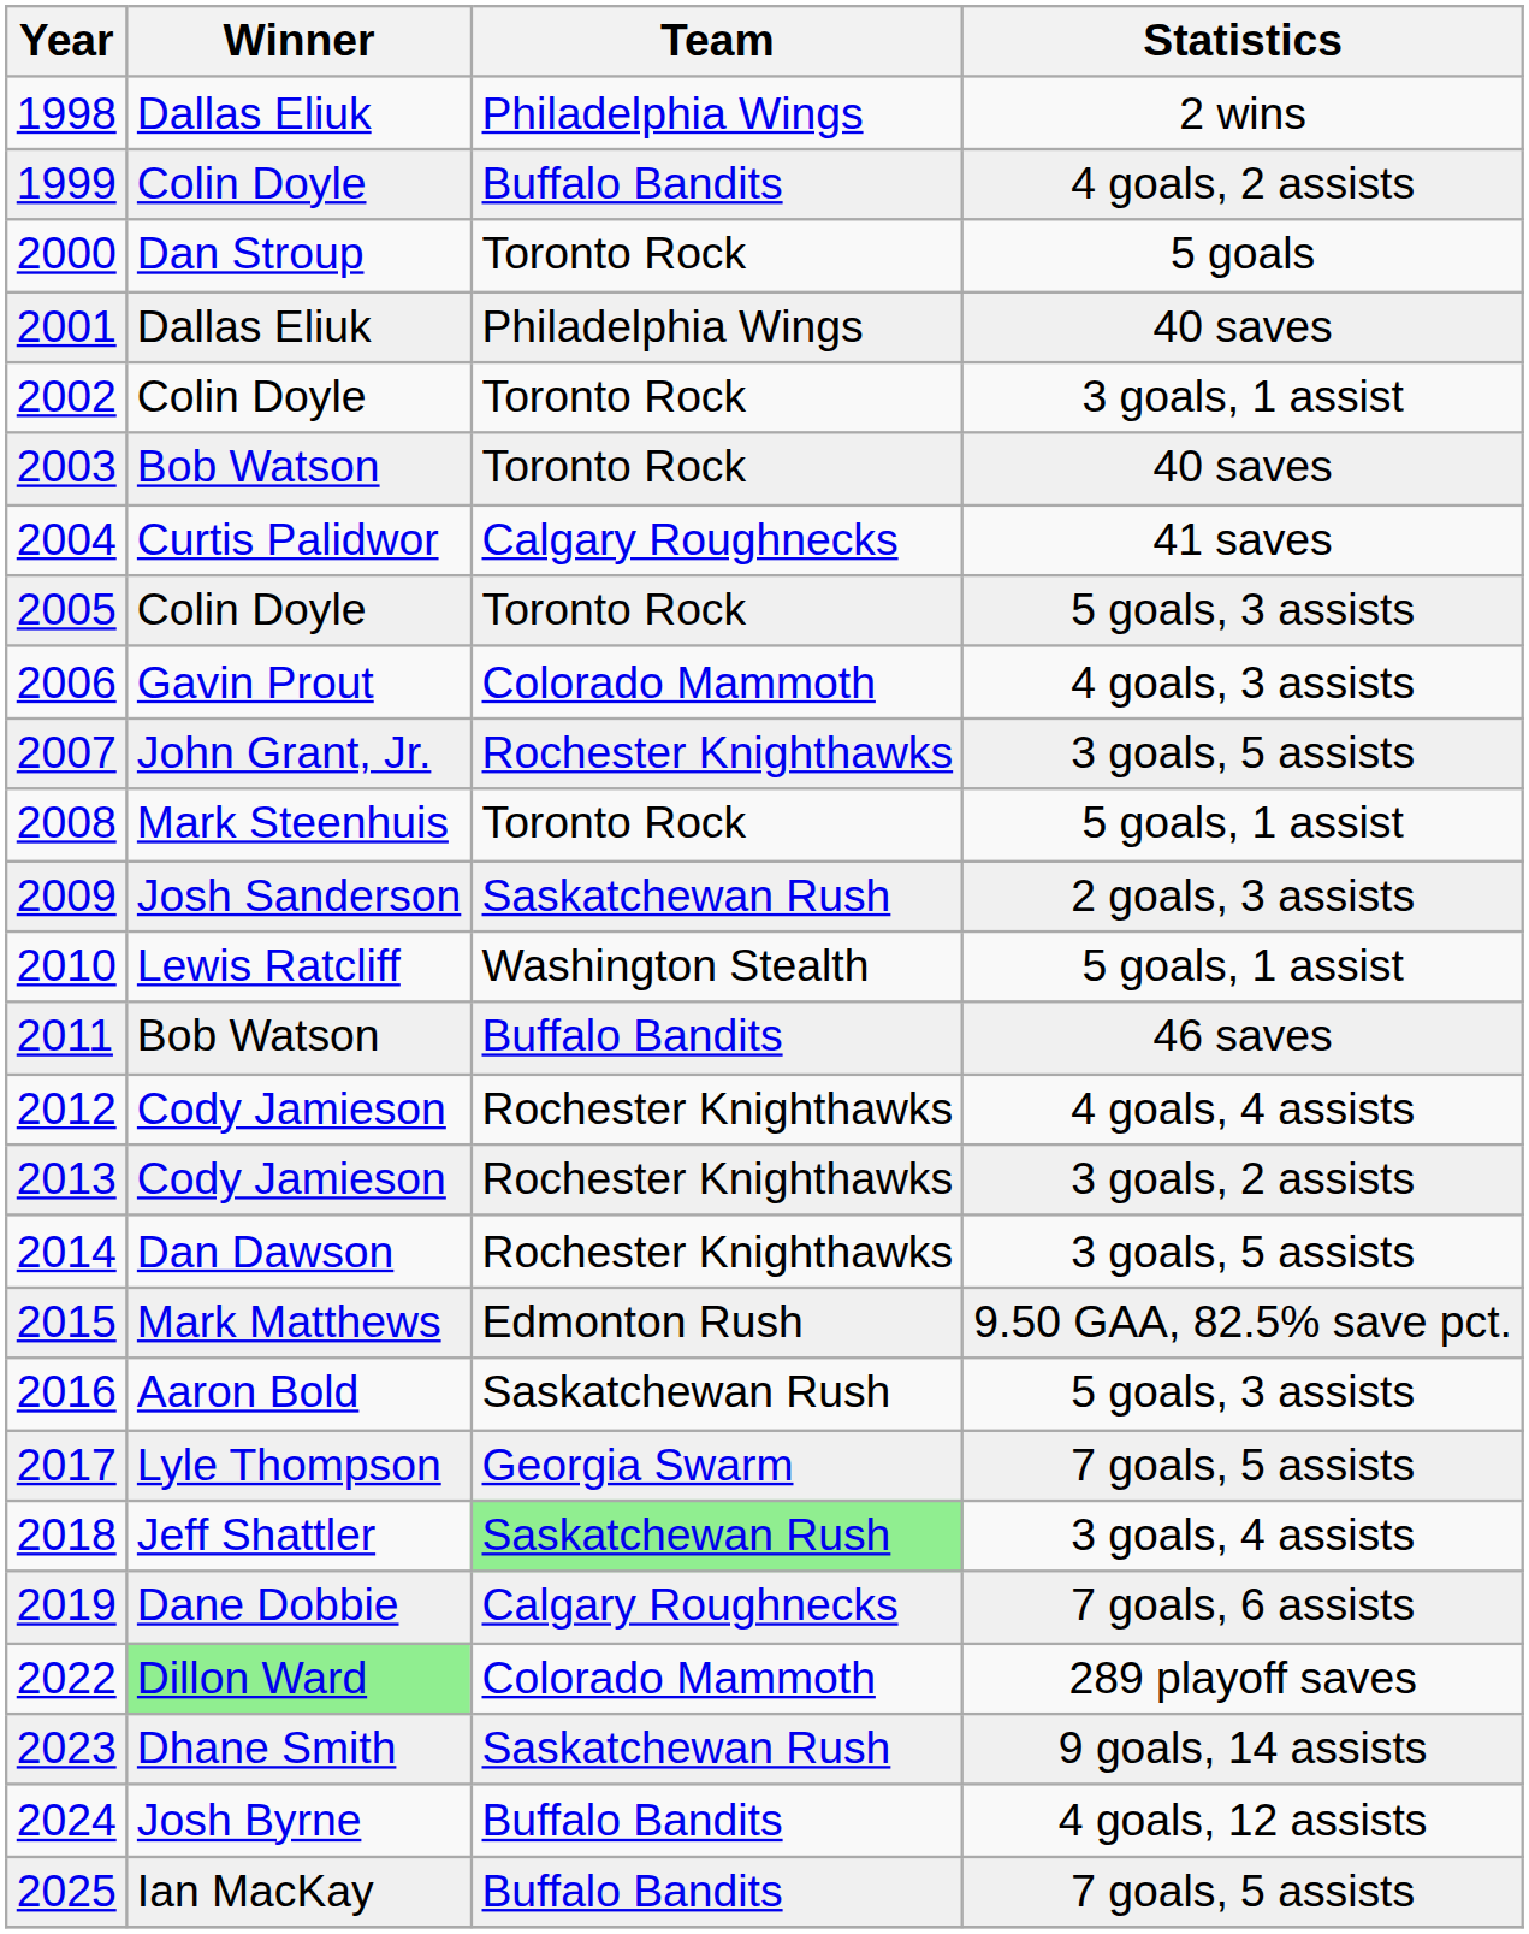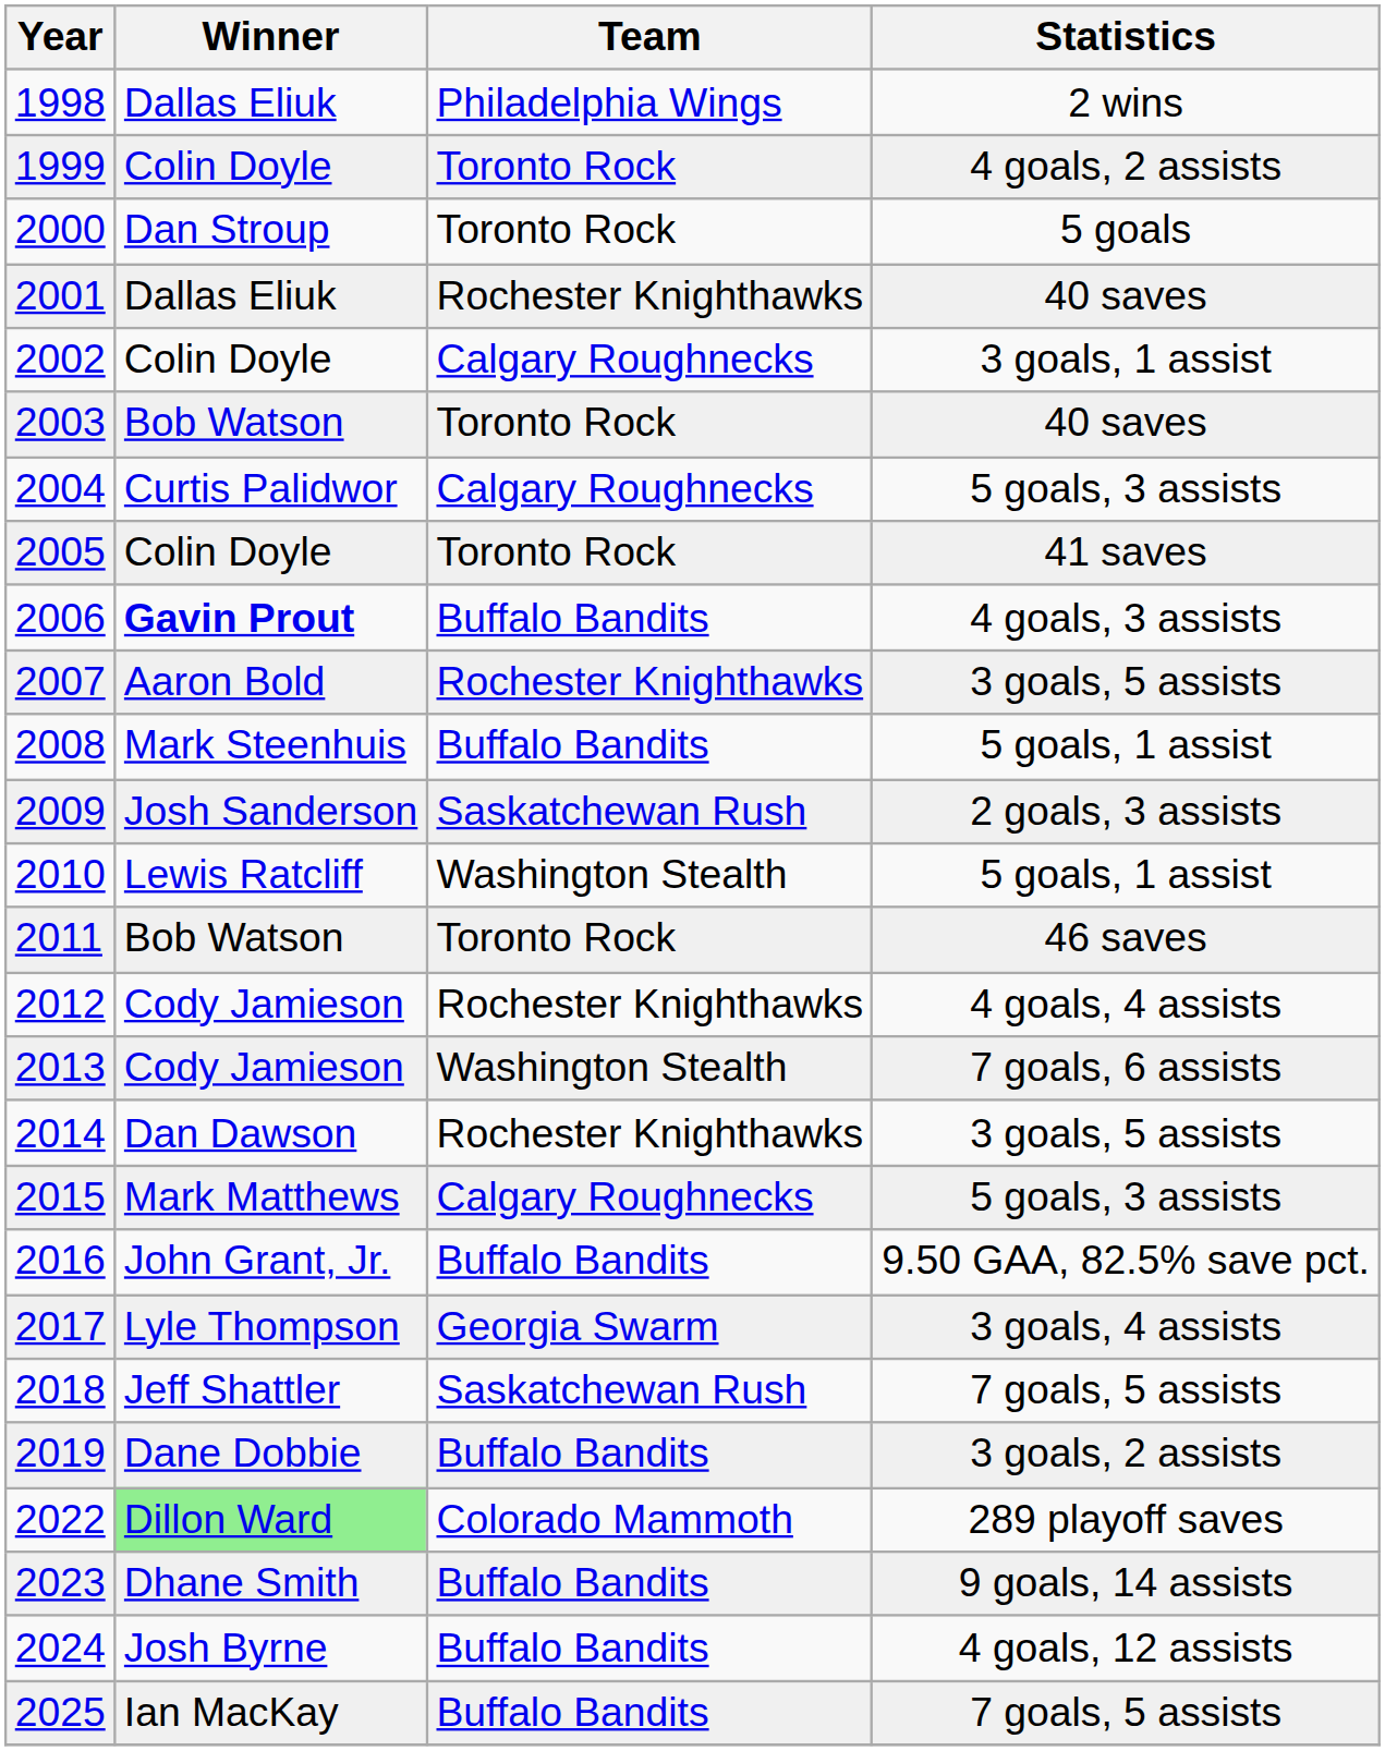 <table class="wikitable">
 <tr>
 <th>Year</th>
 <th>Winner</th>
 <th>Team</th>
 <th>Statistics</th>
 </tr>
 <tr>
 <td><a href='#'>1998</a></td>
 <td><a href='#'>Dallas Eliuk</a></td>
 <td><a href='#'>Philadelphia Wings</a></td>
 <td align="center">2 wins</td>
 </tr>
 <tr bgcolor="#f0f0f0">
 <td><a href='#'>1999</a></td>
 <td><a href='#'>Colin Doyle</a></td>
-<td><a href='#'>Buffalo Bandits</a></td>
+<td><a href='#'>Toronto Rock</a></td>
 <td align="center">4 goals, 2 assists</td>
 </tr>
 <tr>
 <td><a href='#'>2000</a></td>
 <td><a href='#'>Dan Stroup</a></td>
 <td>Toronto Rock</td>
 <td align="center">5 goals</td>
 </tr>
 <tr bgcolor="#f0f0f0">
 <td><a href='#'>2001</a></td>
 <td>Dallas Eliuk</td>
-<td>Philadelphia Wings</td>
+<td>Rochester Knighthawks</td>
 <td align="center">40 saves</td>
 </tr>
 <tr>
 <td><a href='#'>2002</a></td>
 <td>Colin Doyle</td>
-<td>Toronto Rock</td>
+<td><a href='#'>Calgary Roughnecks</a></td>
 <td align="center">3 goals, 1 assist</td>
 </tr>
 <tr bgcolor="#f0f0f0">
 <td><a href='#'>2003</a></td>
 <td><a href='#'>Bob Watson</a></td>
 <td>Toronto Rock</td>
 <td align="center">40 saves</td>
 </tr>
 <tr>
 <td><a href='#'>2004</a></td>
 <td><a href='#'>Curtis Palidwor</a></td>
 <td><a href='#'>Calgary Roughnecks</a></td>
-<td align="center">41 saves</td>
+<td align="center">5 goals, 3 assists</td>
 </tr>
 <tr bgcolor="#f0f0f0">
 <td><a href='#'>2005</a></td>
 <td>Colin Doyle</td>
 <td>Toronto Rock</td>
-<td align="center">5 goals, 3 assists</td>
+<td align="center">41 saves</td>
 </tr>
 <tr>
 <td><a href='#'>2006</a></td>
-<td><a href='#'>Gavin Prout</a></td>
-<td><a href='#'>Colorado Mammoth</a></td>
+<td><strong><a href='#'>Gavin Prout</a></strong></td>
+<td><a href='#'>Buffalo Bandits</a></td>
 <td align="center">4 goals, 3 assists</td>
 </tr>
 <tr bgcolor="#f0f0f0">
 <td><a href='#'>2007</a></td>
-<td><a href='#'>John Grant, Jr.</a></td>
+<td><a href='#'>Aaron Bold</a></td>
 <td><a href='#'>Rochester Knighthawks</a></td>
 <td align="center">3 goals, 5 assists</td>
 </tr>
 <tr>
 <td><a href='#'>2008</a></td>
 <td><a href='#'>Mark Steenhuis</a></td>
-<td>Toronto Rock</td>
+<td><a href='#'>Buffalo Bandits</a></td>
 <td align="center">5 goals, 1 assist</td>
 </tr>
 <tr bgcolor="#f0f0f0">
 <td><a href='#'>2009</a></td>
 <td><a href='#'>Josh Sanderson</a></td>
 <td><a href='#'>Saskatchewan Rush</a></td>
 <td align="center">2 goals, 3 assists</td>
 </tr>
 <tr>
 <td><a href='#'>2010</a></td>
 <td><a href='#'>Lewis Ratcliff</a></td>
 <td>Washington Stealth</td>
 <td align="center">5 goals, 1 assist</td>
 </tr>
 <tr bgcolor="#f0f0f0">
 <td><a href='#'>2011</a></td>
 <td>Bob Watson</td>
-<td><a href='#'>Buffalo Bandits</a></td>
+<td>Toronto Rock</td>
 <td align="center">46 saves</td>
 </tr>
 <tr>
 <td><a href='#'>2012</a></td>
 <td><a href='#'>Cody Jamieson</a></td>
 <td>Rochester Knighthawks</td>
 <td align="center">4 goals, 4 assists</td>
 </tr>
 <tr bgcolor="#f0f0f0">
 <td><a href='#'>2013</a></td>
 <td><a href='#'>Cody Jamieson</a></td>
-<td>Rochester Knighthawks</td>
-<td align="center">3 goals, 2 assists</td>
+<td>Washington Stealth</td>
+<td align="center">7 goals, 6 assists</td>
 </tr>
 <tr>
 <td><a href='#'>2014</a></td>
 <td><a href='#'>Dan Dawson</a></td>
 <td>Rochester Knighthawks</td>
 <td align="center">3 goals, 5 assists</td>
 </tr>
 <tr bgcolor="#f0f0f0">
 <td><a href='#'>2015</a></td>
 <td><a href='#'>Mark Matthews</a></td>
-<td>Edmonton Rush</td>
-<td align="center">9.50 GAA, 82.5% save pct.</td>
+<td><a href='#'>Calgary Roughnecks</a></td>
+<td align="center">5 goals, 3 assists</td>
 </tr>
 <tr>
 <td><a href='#'>2016</a></td>
-<td><a href='#'>Aaron Bold</a></td>
-<td>Saskatchewan Rush</td>
-<td align="center">5 goals, 3 assists</td>
+<td><a href='#'>John Grant, Jr.</a></td>
+<td><a href='#'>Buffalo Bandits</a></td>
+<td align="center">9.50 GAA, 82.5% save pct.</td>
 </tr>
 <tr bgcolor="#f0f0f0">
 <td><a href='#'>2017</a></td>
 <td><a href='#'>Lyle Thompson</a></td>
 <td><a href='#'>Georgia Swarm</a></td>
-<td align="center">7 goals, 5 assists</td>
+<td align="center">3 goals, 4 assists</td>
 </tr>
 <tr>
 <td><a href='#'>2018</a></td>
 <td><a href='#'>Jeff Shattler</a></td>
-<td style="background: lightgreen;"><a href='#'>Saskatchewan Rush</a></td>
-<td align="center">3 goals, 4 assists</td>
+<td><a href='#'>Saskatchewan Rush</a></td>
+<td align="center">7 goals, 5 assists</td>
 </tr>
 <tr bgcolor="#f0f0f0">
 <td><a href='#'>2019</a></td>
 <td><a href='#'>Dane Dobbie</a></td>
-<td><a href='#'>Calgary Roughnecks</a></td>
-<td align="center">7 goals, 6 assists</td>
+<td><a href='#'>Buffalo Bandits</a></td>
+<td align="center">3 goals, 2 assists</td>
 </tr>
 <tr>
 <td><a href='#'>2022</a></td>
 <td style="background: lightgreen;"><a href='#'>Dillon Ward</a></td>
 <td><a href='#'>Colorado Mammoth</a></td>
 <td align="center">289 playoff saves</td>
 </tr>
 <tr bgcolor="#f0f0f0">
 <td><a href='#'>2023</a></td>
 <td><a href='#'>Dhane Smith</a></td>
-<td><a href='#'>Saskatchewan Rush</a></td>
+<td><a href='#'>Buffalo Bandits</a></td>
 <td align="center">9 goals, 14 assists</td>
 </tr>
 <tr>
 <td><a href='#'>2024</a></td>
 <td><a href='#'>Josh Byrne</a></td>
 <td><a href='#'>Buffalo Bandits</a></td>
 <td align="center">4 goals, 12 assists</td>
 </tr>
 <tr bgcolor="#f0f0f0">
 <td><a href='#'>2025</a></td>
 <td>Ian MacKay</td>
 <td><a href='#'>Buffalo Bandits</a></td>
 <td align="center">7 goals, 5 assists</td>
 </tr>
 <tr>
 </tr>
 </table>
